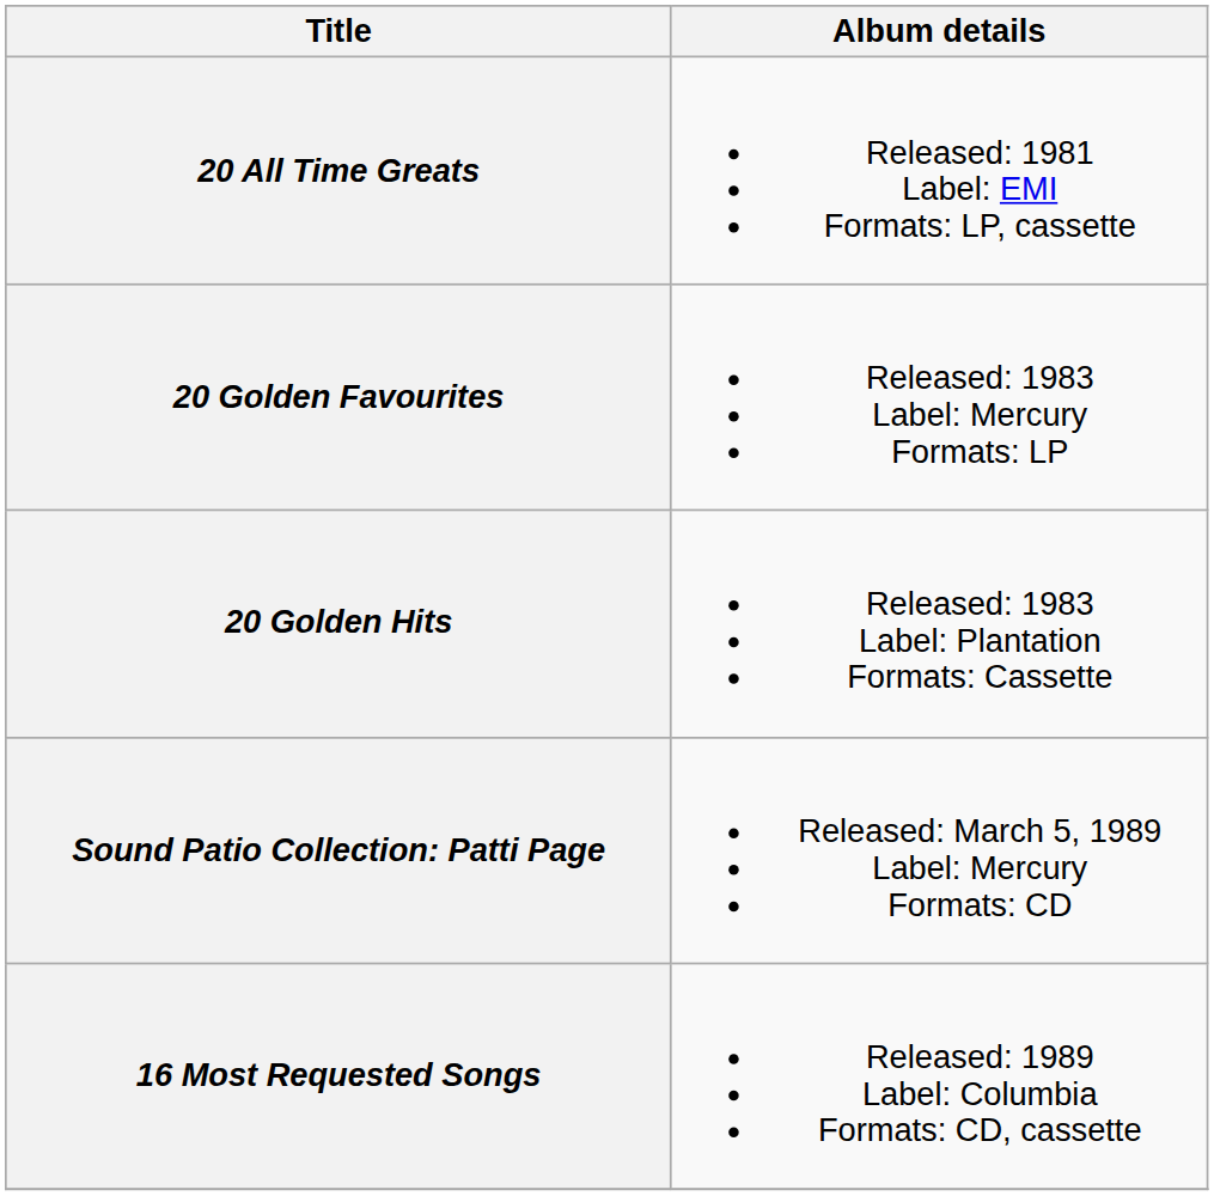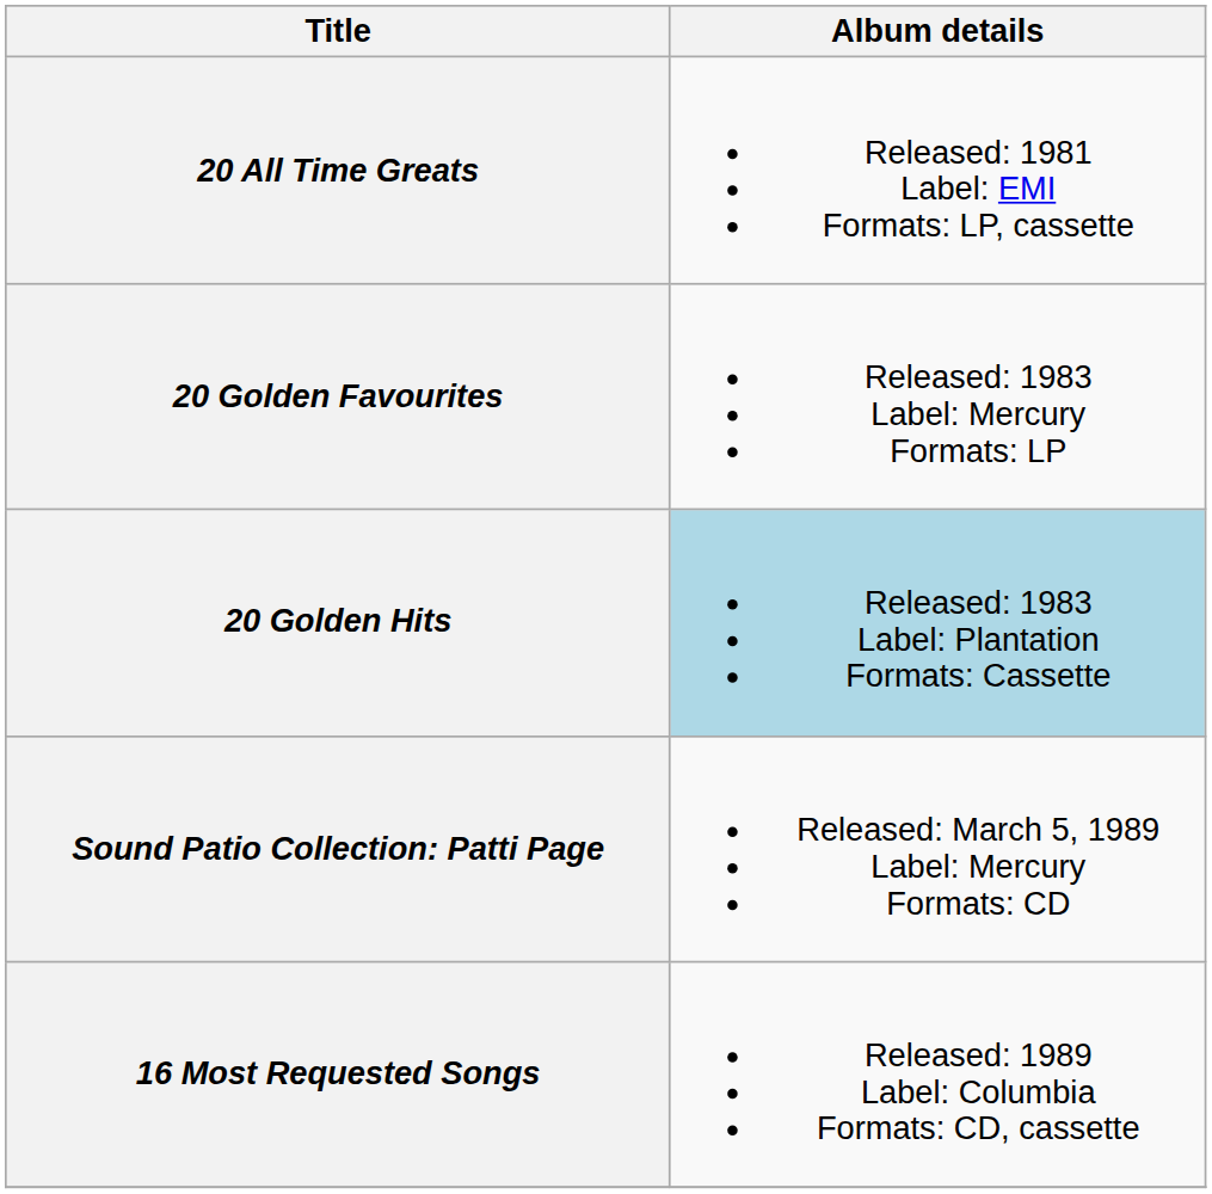 <table class="wikitable plainrowheaders" style="text-align:center;">
 <tr>
 <th scope="col" style="width:20em;">Title</th>
 <th scope="col" style="width:16em;">Album details</th>
 </tr>
 <tr>
 <th scope="row"><em>20 All Time Greats</em></th>
 <td><br><ul><li>Released: 1981</li><li>Label: <a href='#'>EMI</a></li><li>Formats: LP, cassette</li></ul></td>
 </tr>
 <tr>
 <th scope="row"><em>20 Golden Favourites</em></th>
 <td><br><ul><li>Released: 1983</li><li>Label: Mercury</li><li>Formats: LP</li></ul></td>
 </tr>
 <tr>
 <th scope="row"><em>20 Golden Hits</em></th>
-<td><br><ul><li>Released: 1983</li><li>Label: Plantation</li><li>Formats: Cassette</li></ul></td>
+<td style="background: lightblue;"><br><ul><li>Released: 1983</li><li>Label: Plantation</li><li>Formats: Cassette</li></ul></td>
 </tr>
 <tr>
 <th scope="row"><em>Sound Patio Collection: Patti Page</em></th>
 <td><br><ul><li>Released: March 5, 1989</li><li>Label: Mercury</li><li>Formats: CD</li></ul></td>
 </tr>
 <tr>
 <th scope="row"><em>16 Most Requested Songs</em></th>
 <td><br><ul><li>Released: 1989</li><li>Label: Columbia</li><li>Formats: CD, cassette</li></ul></td>
 </tr>
 <tr>
 </tr>
 </table>
